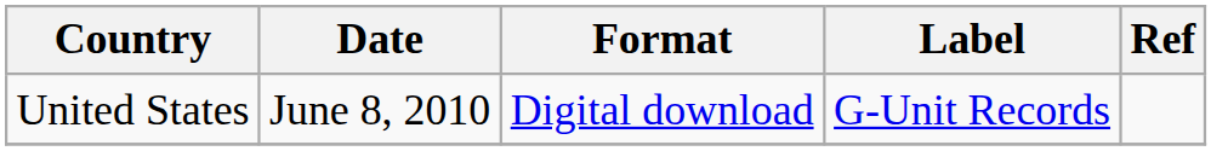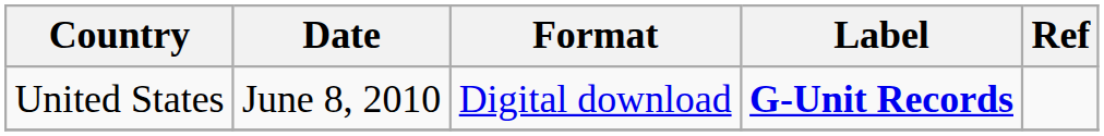 <table class="wikitable">
 <tr>
 <th>Country</th>
 <th>Date</th>
 <th>Format</th>
 <th>Label</th>
 <th>Ref</th>
 </tr>
 <tr>
 <td>United States</td>
 <td rowspan="1">June 8, 2010</td>
 <td rowspan="1"><a href='#'>Digital download</a></td>
-<td rowspan="1"><a href='#'>G-Unit Records</a></td>
+<td rowspan="1"><strong><a href='#'>G-Unit Records</a></strong></td>
 <td></td>
 </tr>
 <tr>
 </tr>
 </table>
